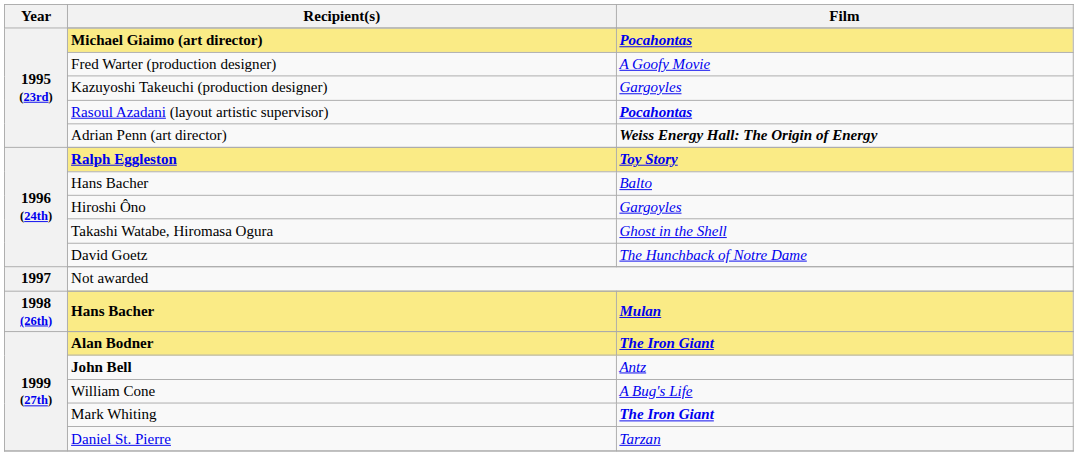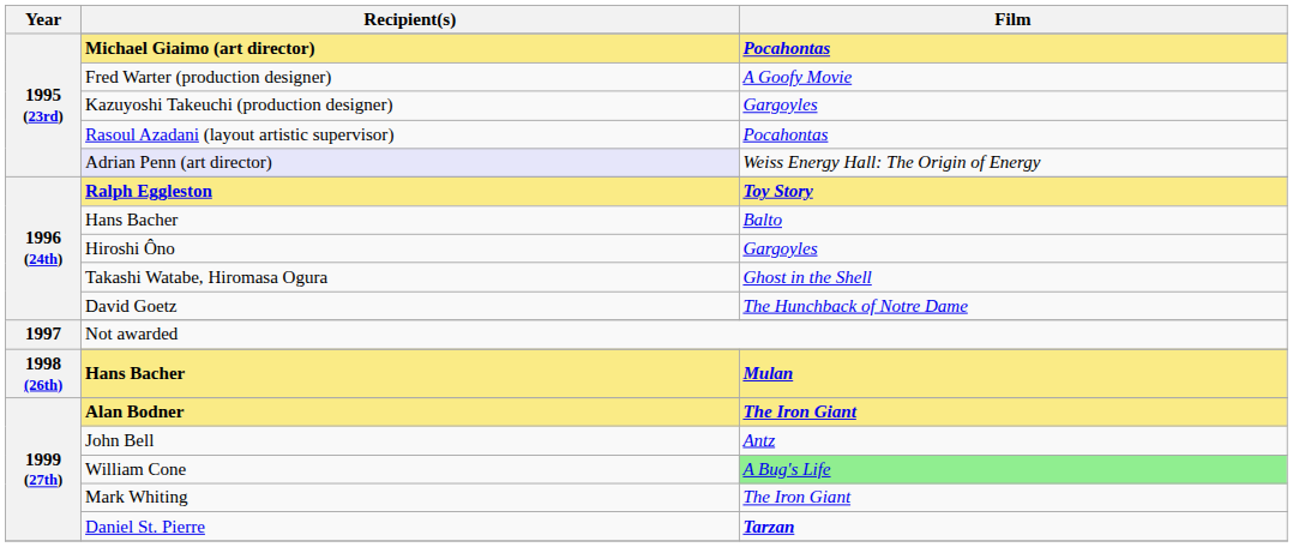 <table class="wikitable" style="width:90%;">
 <tr>
 <th style="width:3%;">Year</th>
 <th style="width:30%;">Recipient(s)</th>
 <th style="width:25%;">Film</th>
 </tr>
 <tr>
 <th rowspan="6" style="text-align:center;">1995 <br><small>(<a href='#'>23rd</a>)</small><br></th>
 </tr>
 <tr>
 <td style="background:#FAEB86;"><strong>Michael Giaimo (art director)</strong></td>
 <td style="background:#FAEB86;"><strong><em><a href='#'>Pocahontas</a></em></strong></td>
 </tr>
 <tr>
 <td>Fred Warter (production designer)</td>
 <td><em><a href='#'>A Goofy Movie</a></em></td>
 </tr>
 <tr>
 <td>Kazuyoshi Takeuchi (production designer)</td>
 <td><em><a href='#'>Gargoyles</a></em></td>
 </tr>
 <tr>
 <td><a href='#'>Rasoul Azadani</a> (layout artistic supervisor)</td>
-<td><strong><em><a href='#'>Pocahontas</a></em></strong></td>
+<td><em><a href='#'>Pocahontas</a></em></td>
 </tr>
 <tr>
-<td>Adrian Penn (art director)</td>
-<td><strong><em>Weiss Energy Hall: The Origin of Energy</em></strong></td>
+<td style="background: lavender;">Adrian Penn (art director)</td>
+<td><em>Weiss Energy Hall: The Origin of Energy</em></td>
 </tr>
 <tr>
 <th rowspan="6" style="text-align:center;">1996 <br><small>(<a href='#'>24th</a>)</small><br></th>
 </tr>
 <tr>
 <td style="background:#FAEB86;"><strong><a href='#'>Ralph Eggleston</a></strong></td>
 <td style="background:#FAEB86;"><strong><em><a href='#'>Toy Story</a></em></strong></td>
 </tr>
 <tr>
 <td>Hans Bacher</td>
 <td><a href='#'><em>Balto</em></a></td>
 </tr>
 <tr>
 <td>Hiroshi Ôno</td>
 <td><em><a href='#'>Gargoyles</a></em></td>
 </tr>
 <tr>
 <td>Takashi Watabe, Hiromasa Ogura</td>
 <td><em><a href='#'>Ghost in the Shell</a></em></td>
 </tr>
 <tr>
 <td>David Goetz</td>
 <td><em><a href='#'>The Hunchback of Notre Dame</a></em></td>
 </tr>
 <tr>
 <th rowspan="2" style="text-align:center;">1997</th>
 </tr>
 <tr>
 <td colspan="3">Not awarded</td>
 </tr>
 <tr>
 <th rowspan="2" style="text-align:center;">1998<br><small><a href='#'>(26th)</a></small><br></th>
 </tr>
 <tr>
 <td style="background:#FAEB86;"><strong>Hans Bacher</strong></td>
 <td style="background:#FAEB86;"><strong><em><a href='#'>Mulan</a></em></strong></td>
 </tr>
 <tr>
 <th rowspan="6" style="text-align:center;">1999 <br><small>(<a href='#'>27th</a>)</small><br></th>
 </tr>
 <tr>
 <td style="background:#FAEB86;"><strong>Alan Bodner</strong></td>
 <td style="background:#FAEB86;"><strong><em><a href='#'>The Iron Giant</a></em></strong></td>
 </tr>
 <tr>
-<td><strong>John Bell</strong></td>
+<td>John Bell</td>
 <td><em><a href='#'>Antz</a></em></td>
 </tr>
 <tr>
 <td>William Cone</td>
-<td><em><a href='#'>A Bug's Life</a></em></td>
+<td style="background: lightgreen;"><em><a href='#'>A Bug's Life</a></em></td>
 </tr>
 <tr>
 <td>Mark Whiting</td>
-<td><strong><em><a href='#'>The Iron Giant</a></em></strong></td>
+<td><em><a href='#'>The Iron Giant</a></em></td>
 </tr>
 <tr>
 <td><a href='#'>Daniel St. Pierre</a></td>
-<td><a href='#'><em>Tarzan</em></a></td>
+<td><strong><a href='#'><em>Tarzan</em></a></strong></td>
 </tr>
 <tr>
 </tr>
 </table>
